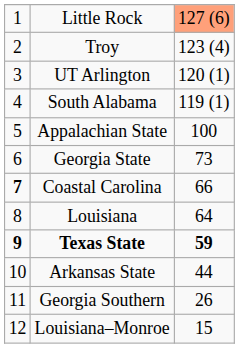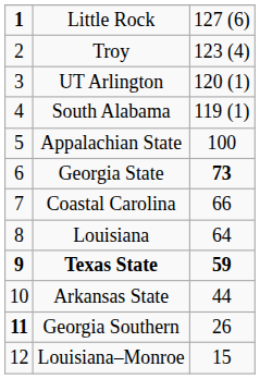 <table class="wikitable">
 <tr align="center">
 </tr>
 <tr align="center">
-<td>1</td>
+<td><strong>1</strong></td>
 <td>Little Rock</td>
-<td style="background: lightsalmon;">127 (6)</td>
+<td>127 (6)</td>
 </tr>
 <tr align="center">
 <td>2</td>
 <td>Troy</td>
 <td>123 (4)</td>
 </tr>
 <tr align="center">
 <td>3</td>
 <td>UT Arlington</td>
 <td>120 (1)</td>
 </tr>
 <tr align="center">
 <td>4</td>
 <td>South Alabama</td>
 <td>119 (1)</td>
 </tr>
 <tr align="center">
 <td>5</td>
 <td>Appalachian State</td>
 <td>100</td>
 </tr>
 <tr align="center">
 <td>6</td>
 <td>Georgia State</td>
-<td>73</td>
+<td><strong>73</strong></td>
 </tr>
 <tr align="center">
-<td><strong>7</strong></td>
+<td>7</td>
 <td>Coastal Carolina</td>
 <td>66</td>
 </tr>
 <tr align="center">
 <td>8</td>
 <td>Louisiana</td>
 <td>64</td>
 </tr>
 <tr align="center">
 <td><strong>9</strong></td>
 <td><strong>Texas State</strong></td>
 <td><strong>59</strong></td>
 </tr>
 <tr align="center">
 <td>10</td>
 <td>Arkansas State</td>
 <td>44</td>
 </tr>
 <tr align="center">
-<td>11</td>
+<td><strong>11</strong></td>
 <td>Georgia Southern</td>
 <td>26</td>
 </tr>
 <tr align="center">
 <td>12</td>
 <td>Louisiana–Monroe</td>
 <td>15</td>
 </tr>
 </table>
